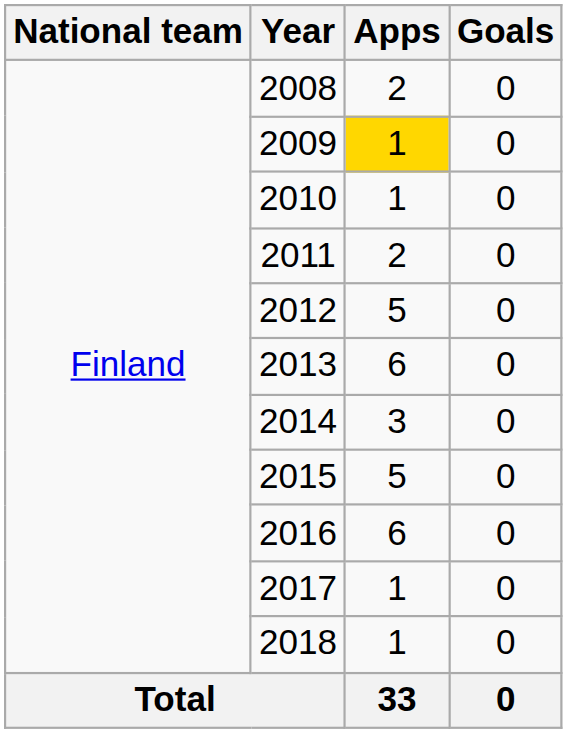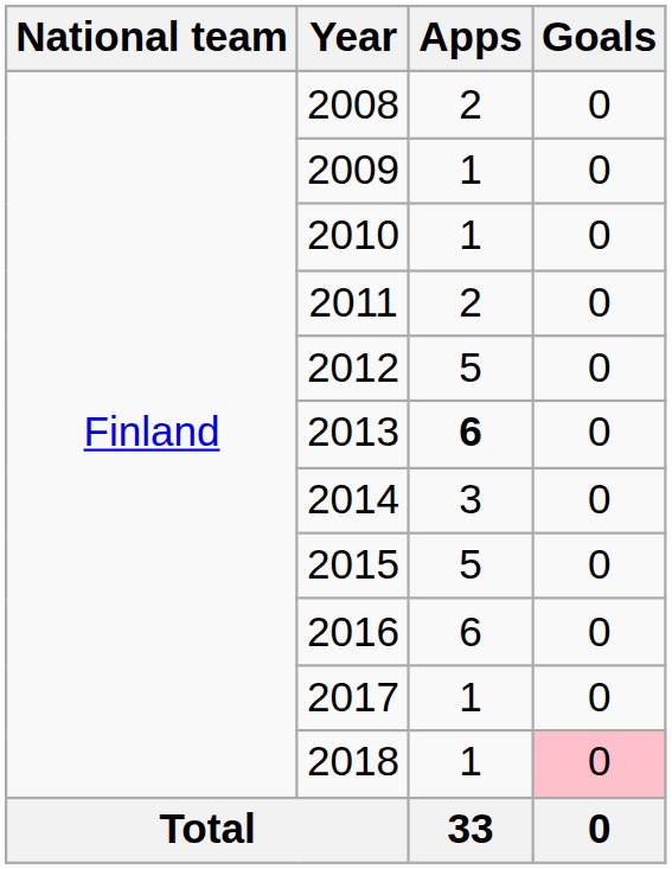 <table class="wikitable" style="text-align:center">
 <tr>
 <th>National team</th>
 <th>Year</th>
 <th>Apps</th>
 <th>Goals</th>
 </tr>
 <tr>
 <td rowspan="11"><a href='#'>Finland</a></td>
 <td>2008</td>
 <td>2</td>
 <td>0</td>
 </tr>
 <tr>
 <td>2009</td>
-<td style="background: gold;">1</td>
+<td>1</td>
 <td>0</td>
 </tr>
 <tr>
 <td>2010</td>
 <td>1</td>
 <td>0</td>
 </tr>
 <tr>
 <td>2011</td>
 <td>2</td>
 <td>0</td>
 </tr>
 <tr>
 <td>2012</td>
 <td>5</td>
 <td>0</td>
 </tr>
 <tr>
 <td>2013</td>
-<td>6</td>
+<td><strong>6</strong></td>
 <td>0</td>
 </tr>
 <tr>
 <td>2014</td>
 <td>3</td>
 <td>0</td>
 </tr>
 <tr>
 <td>2015</td>
 <td>5</td>
 <td>0</td>
 </tr>
 <tr>
 <td>2016</td>
 <td>6</td>
 <td>0</td>
 </tr>
 <tr>
 <td>2017</td>
 <td>1</td>
 <td>0</td>
 </tr>
 <tr>
 <td>2018</td>
 <td>1</td>
-<td>0</td>
+<td style="background: pink;">0</td>
 </tr>
 <tr>
 <th colspan="2">Total</th>
 <th>33</th>
 <th>0</th>
 </tr>
 </table>
